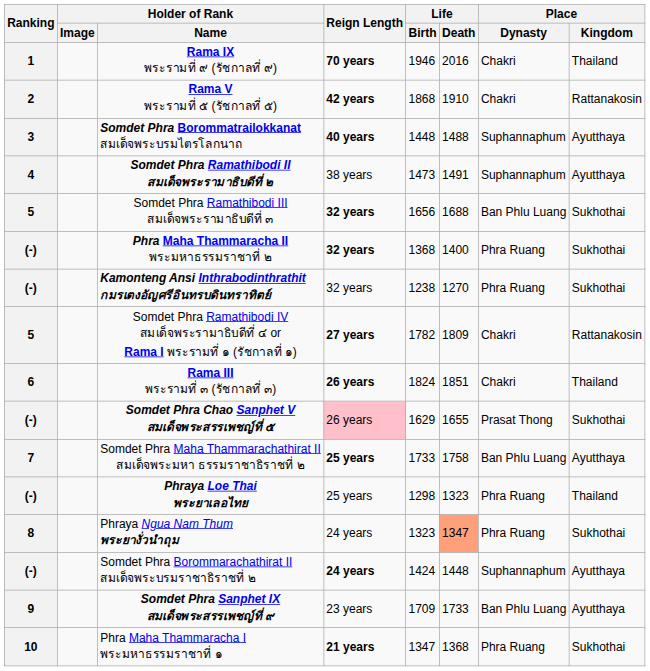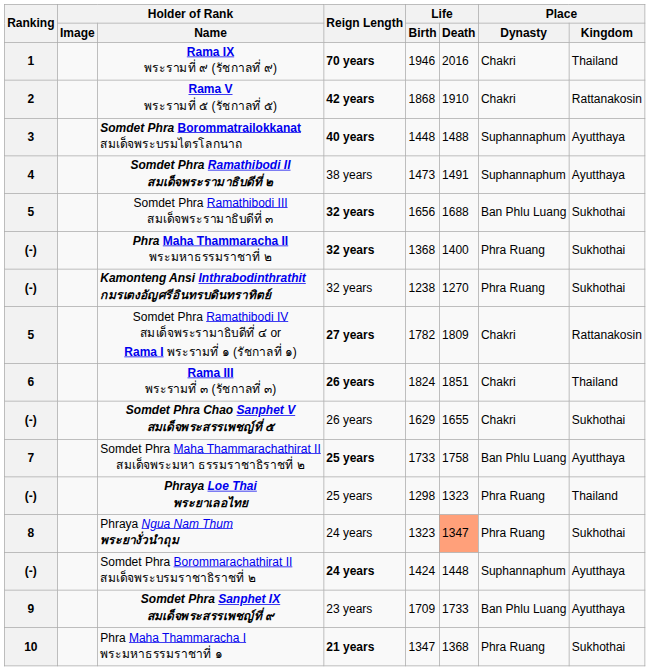 <table class="wikitable">
 <tr>
 <th rowspan="2">Ranking</th>
 <th colspan="2">Holder of Rank</th>
 <th rowspan="2">Reign Length</th>
 <th colspan="2">Life</th>
 <th colspan="2">Place</th>
 </tr>
 <tr>
 <th>Image</th>
 <th>Name</th>
 <th>Birth</th>
 <th>Death</th>
 <th>Dynasty</th>
 <th>Kingdom</th>
 </tr>
 <tr>
 <th align="center">1</th>
 <td align="center"></td>
 <td align="center"><strong><a href='#'>Rama IX</a></strong><br>พระรามที่ ๙ (รัชกาลที่ ๙)</td>
 <td><strong>70 years</strong></td>
 <td>1946</td>
 <td>2016</td>
 <td>Chakri</td>
 <td>Thailand</td>
 </tr>
 <tr>
 <th align="center">2</th>
 <td align="center"></td>
 <td align="center"><strong><a href='#'>Rama V</a></strong><br>พระรามที่ ๕  (รัชกาลที่ ๕)</td>
 <td><strong>42 years</strong></td>
 <td>1868</td>
 <td>1910</td>
 <td>Chakri</td>
 <td>Rattanakosin</td>
 </tr>
 <tr>
 <th align="center">3</th>
 <td></td>
 <td><strong><em>Somdet Phra</em></strong> <strong><a href='#'>Borommatrailokkanat</a></strong><br>สมเด็จพระบรมไตรโลกนาถ</td>
 <td><strong>40 years</strong></td>
 <td>1448</td>
 <td>1488</td>
 <td>Suphannaphum</td>
 <td>Ayutthaya</td>
 </tr>
 <tr>
 <th align="center">4</th>
 <td></td>
 <td align="center"><strong><em>Somdet Phra<em> <a href='#'>Ramathibodi II</a><strong><br>สมเด็จพระรามาธิบดีที่ ๒</td>
 <td></strong>38 years<strong></td>
 <td>1473</td>
 <td>1491</td>
 <td>Suphannaphum</td>
 <td>Ayutthaya</td>
 </tr>
 <tr>
 <th align="center">5</th>
 <td align="center"></td>
 <td align="center"></em></strong>Somdet Phra</em> <a href='#'>Ramathibodi III</a></strong><br>สมเด็จพระรามาธิบดีที่ ๓</td>
 <td><strong>32 years</strong></td>
 <td>1656</td>
 <td>1688</td>
 <td>Ban Phlu Luang</td>
 <td>Sukhothai</td>
 </tr>
 <tr>
 <th align="center">(-)</th>
 <td align="center"></td>
 <td align="center"><strong><em>Phra</em></strong> <strong><a href='#'>Maha Thammaracha II</a></strong><br>พระมหาธรรมราชาที่ ๒</td>
 <td><strong>32 years</strong></td>
 <td>1368</td>
 <td>1400</td>
 <td>Phra Ruang</td>
 <td>Sukhothai</td>
 </tr>
 <tr>
 <th align="center">(-)</th>
 <td></td>
 <td><strong><em>Kamonteng Ansi<em> <a href='#'>Inthrabodinthrathit</a><strong><br>กมรเตงอัญศรีอินทรบดินทราทิตย์</td>
 <td></strong>32 years<strong></td>
 <td>1238</td>
 <td>1270</td>
 <td>Phra Ruang</td>
 <td>Sukhothai</td>
 </tr>
 <tr>
 <th align="center">5</th>
 <td align="center"></td>
 <td align="center"></em></strong>Somdet Phra</em> <a href='#'>Ramathibodi IV</a></strong><br>สมเด็จพระรามาธิบดีที่ ๔ or<br><strong><a href='#'>Rama I</a></strong> พระรามที่ ๑  (รัชกาลที่ ๑)</td>
 <td><strong>27 years</strong></td>
 <td>1782</td>
 <td>1809</td>
 <td>Chakri</td>
 <td>Rattanakosin</td>
 </tr>
 <tr>
 <th align="center">6</th>
 <td align="center"></td>
 <td align="center"><strong><a href='#'>Rama III</a></strong><br>พระรามที่ ๓ (รัชกาลที่ ๓)</td>
 <td><strong>26 years</strong></td>
 <td>1824</td>
 <td>1851</td>
 <td>Chakri</td>
 <td>Thailand</td>
 </tr>
 <tr>
 <th align="center">(-)</th>
 <td align="center"></td>
 <td align="center"><strong><em>Somdet Phra Chao<em> <a href='#'>Sanphet V</a><strong><br>สมเด็จพระสรรเพชญ์ที่ ๕</td>
-<td style="background: pink;"></strong>26 years<strong></td>
+<td></strong>26 years<strong></td>
 <td>1629</td>
 <td>1655</td>
-<td>Prasat Thong</td>
+<td>Chakri</td>
 <td>Sukhothai</td>
 </tr>
 <tr>
 <th align="center">7</th>
 <td align="center"></td>
 <td align="center"></em></strong>Somdet Phra</em> <a href='#'>Maha Thammarachathirat II</a></strong><br>สมเด็จพระมหา ธรรมราชาธิราชที่ ๒</td>
 <td><strong>25 years</strong></td>
 <td>1733</td>
 <td>1758</td>
 <td>Ban Phlu Luang</td>
 <td>Ayutthaya</td>
 </tr>
 <tr>
 <th align="center">(-)</th>
 <td align="center"></td>
 <td align="center"><strong><em>Phraya<em> <a href='#'>Loe Thai</a><strong><br>พระยาเลอไทย</td>
 <td></strong>25 years<strong></td>
 <td>1298</td>
 <td>1323</td>
 <td>Phra Ruang</td>
 <td>Thailand</td>
 </tr>
 <tr>
 <th align="center">8</th>
 <td></td>
 <td></em></strong>Phraya<strong><em> </strong><a href='#'>Ngua Nam Thum</a><strong><br>พระยางั่วนำถุม</td>
 <td></strong>24 years<strong></td>
 <td>1323</td>
 <td style="background: lightsalmon;">1347</td>
 <td>Phra Ruang</td>
 <td>Sukhothai</td>
 </tr>
 <tr>
 <th align="center"></strong>(-)<strong></th>
 <td></td>
 <td></em></strong>Somdet Phra</em> <a href='#'>Borommarachathirat II</a></strong><br>สมเด็จพระบรมราชาธิราชที่ ๒</td>
 <td><strong>24 years</strong></td>
 <td>1424</td>
 <td>1448</td>
 <td>Suphannaphum</td>
 <td>Ayutthaya</td>
 </tr>
 <tr>
 <th align="center">9</th>
 <td align="center"></td>
 <td align="center"><strong><em>Somdet Phra<em> <a href='#'>Sanphet IX</a><strong><br>สมเด็จพระสรรเพชญ์ที่ ๙</td>
 <td></strong>23 years<strong></td>
 <td>1709</td>
 <td>1733</td>
 <td>Ban Phlu Luang</td>
 <td>Ayutthaya</td>
 </tr>
 <tr>
 <th align="center">10</th>
 <td></td>
 <td></em></strong>Phra</em> <a href='#'>Maha Thammaracha I</a></strong><br>พระมหาธรรมราชาที่ ๑</td>
 <td><strong>21 years</strong></td>
 <td>1347</td>
 <td>1368</td>
 <td>Phra Ruang</td>
 <td>Sukhothai</td>
 </tr>
 </table>
